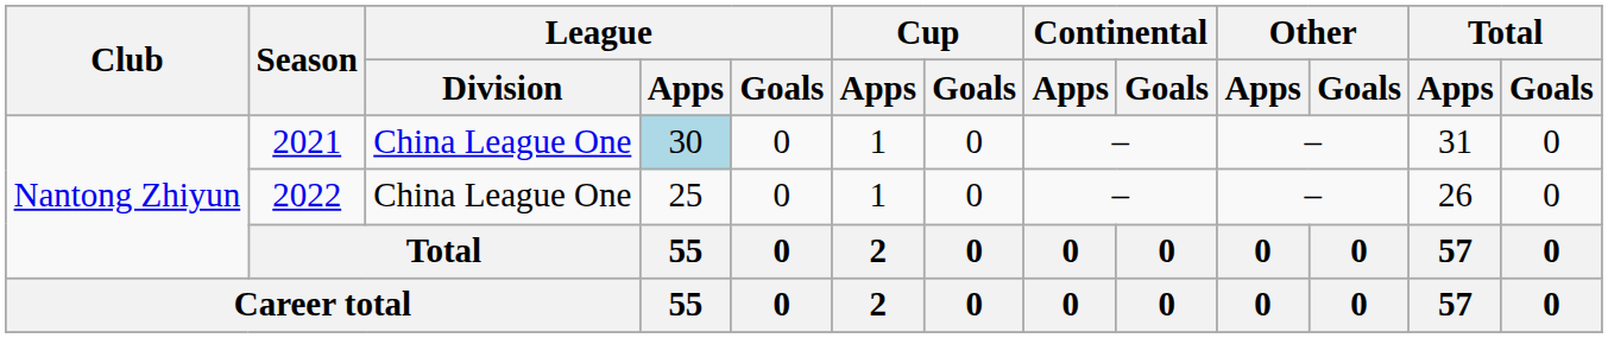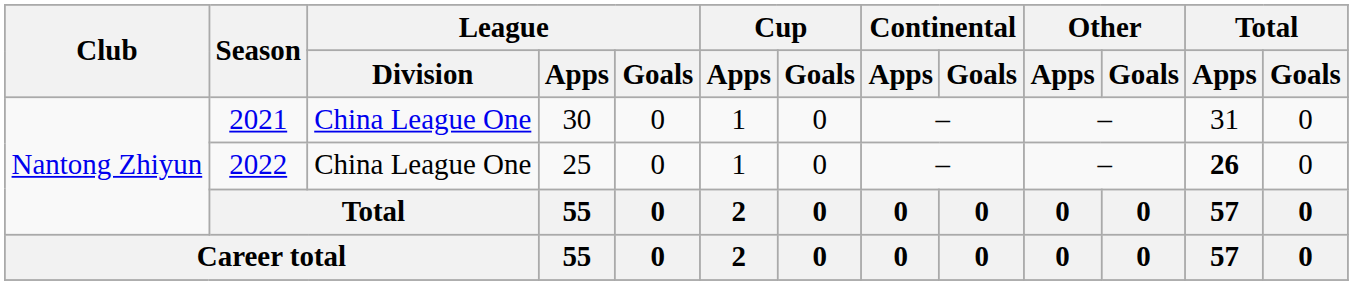 <table class="wikitable" style="text-align: center">
 <tr>
 <th rowspan="2">Club</th>
 <th rowspan="2">Season</th>
 <th colspan="3">League</th>
 <th colspan="2">Cup</th>
 <th colspan="2">Continental</th>
 <th colspan="2">Other</th>
 <th colspan="2">Total</th>
 </tr>
 <tr>
 <th>Division</th>
 <th>Apps</th>
 <th>Goals</th>
 <th>Apps</th>
 <th>Goals</th>
 <th>Apps</th>
 <th>Goals</th>
 <th>Apps</th>
 <th>Goals</th>
 <th>Apps</th>
 <th>Goals</th>
 </tr>
 <tr>
 <td rowspan=3><a href='#'>Nantong Zhiyun</a></td>
 <td><a href='#'>2021</a></td>
 <td><a href='#'>China League One</a></td>
-<td style="background: lightblue;">30</td>
+<td>30</td>
 <td>0</td>
 <td>1</td>
 <td>0</td>
 <td colspan="2">–</td>
 <td colspan="2">–</td>
 <td>31</td>
 <td>0</td>
 </tr>
 <tr>
 <td><a href='#'>2022</a></td>
 <td>China League One</td>
 <td>25</td>
 <td>0</td>
 <td>1</td>
 <td>0</td>
 <td colspan="2">–</td>
 <td colspan="2">–</td>
-<td>26</td>
+<td><strong>26</strong></td>
 <td>0</td>
 </tr>
 <tr>
 <th colspan=2>Total</th>
 <th>55</th>
 <th>0</th>
 <th>2</th>
 <th>0</th>
 <th>0</th>
 <th>0</th>
 <th>0</th>
 <th>0</th>
 <th>57</th>
 <th>0</th>
 </tr>
 <tr>
 <th colspan=3>Career total</th>
 <th>55</th>
 <th>0</th>
 <th>2</th>
 <th>0</th>
 <th>0</th>
 <th>0</th>
 <th>0</th>
 <th>0</th>
 <th>57</th>
 <th>0</th>
 </tr>
 </table>
